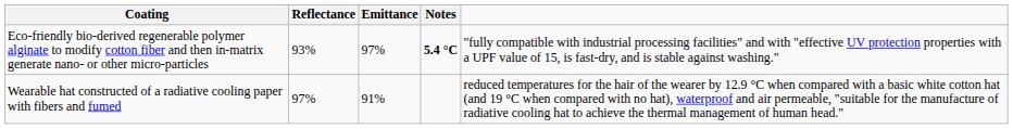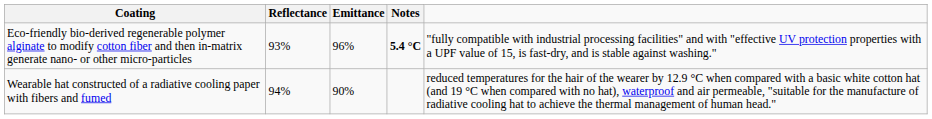 <table class="wikitable">
 <tr>
 <th>Coating</th>
 <th>Reflectance</th>
 <th>Emittance</th>
 <th>Notes</th>
 </tr>
 <tr>
 <td>Eco-friendly bio-derived regenerable polymer <a href='#'>alginate</a> to modify <a href='#'>cotton fiber</a> and then in-matrix generate <a href='#'></a> nano- or other micro-particles</td>
 <td>93%</td>
-<td>97%</td>
+<td>96%</td>
 <td><strong>5.4 °C</strong></td>
 <td>"fully compatible with industrial processing facilities" and with "effective <a href='#'>UV protection</a> properties with a UPF value of 15, is fast-dry, and is stable against washing."</td>
 </tr>
 <tr>
 <td>Wearable hat constructed of a radiative cooling paper with <a href='#'></a> fibers and <a href='#'>fumed</a> </td>
-<td>97%</td>
-<td>91%</td>
+<td>94%</td>
+<td>90%</td>
 <td></td>
 <td>reduced temperatures for the hair of the wearer by 12.9 °C when compared with a basic white cotton hat (and 19 °C when compared with no hat), <a href='#'>waterproof</a> and air permeable, "suitable for the manufacture of radiative cooling hat to achieve the thermal management of human head."</td>
 </tr>
 </table>
